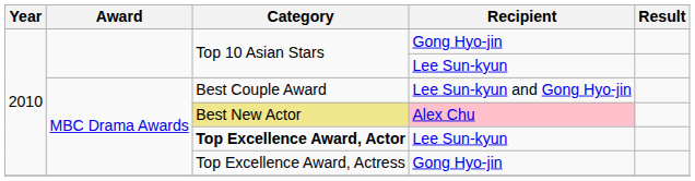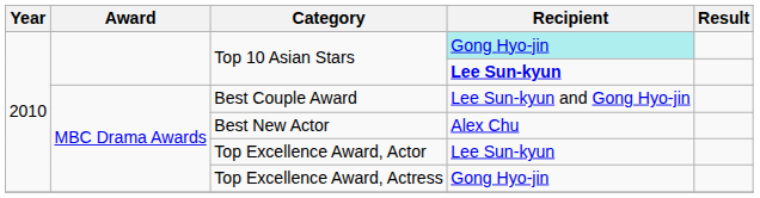 <table class="wikitable">
 <tr>
 <th>Year</th>
 <th>Award</th>
 <th>Category</th>
 <th>Recipient</th>
 <th>Result</th>
 </tr>
 <tr>
 <td rowspan=6>2010</td>
 <td rowspan=2></td>
 <td rowspan=2>Top 10 Asian Stars</td>
-<td><a href='#'>Gong Hyo-jin</a></td>
+<td style="background: paleturquoise;"><a href='#'>Gong Hyo-jin</a></td>
 <td></td>
 </tr>
 <tr>
-<td><a href='#'>Lee Sun-kyun</a></td>
+<td><strong><a href='#'>Lee Sun-kyun</a></strong></td>
 <td></td>
 </tr>
 <tr>
 <td rowspan=4><a href='#'>MBC Drama Awards</a></td>
 <td>Best Couple Award</td>
 <td><a href='#'>Lee Sun-kyun</a> and <a href='#'>Gong Hyo-jin</a></td>
 <td></td>
 </tr>
 <tr>
-<td style="background: khaki;">Best New Actor</td>
-<td style="background: pink;"><a href='#'>Alex Chu</a></td>
+<td>Best New Actor</td>
+<td><a href='#'>Alex Chu</a></td>
 <td></td>
 </tr>
 <tr>
-<td><strong>Top Excellence Award, Actor</strong></td>
+<td>Top Excellence Award, Actor</td>
 <td><a href='#'>Lee Sun-kyun</a></td>
 <td></td>
 </tr>
 <tr>
 <td>Top Excellence Award, Actress</td>
 <td><a href='#'>Gong Hyo-jin</a></td>
 <td></td>
 </tr>
 <tr>
 </tr>
 </table>
